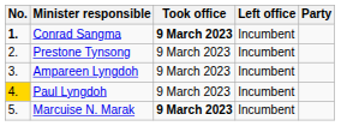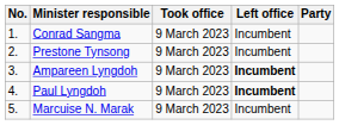 <table class="wikitable">
 <tr>
 <th>No.</th>
 <th>Minister responsible</th>
 <th>Took office</th>
 <th>Left office</th>
 <th colspan="2">Party</th>
 </tr>
 <tr>
-<td><strong>1.</strong></td>
+<td>1.</td>
 <td><a href='#'>Conrad Sangma</a></td>
-<td><strong>9 March 2023</strong></td>
+<td>9 March 2023</td>
 <td>Incumbent</td>
 <td></td>
 </tr>
 <tr>
 <td>2.</td>
 <td><a href='#'>Prestone Tynsong</a></td>
 <td>9 March 2023</td>
 <td>Incumbent</td>
 <td></td>
 </tr>
 <tr>
 <td>3.</td>
 <td><a href='#'>Ampareen Lyngdoh</a></td>
 <td>9 March 2023</td>
-<td>Incumbent</td>
+<td><strong>Incumbent</strong></td>
 <td></td>
 </tr>
 <tr>
-<td style="background: gold;">4.</td>
+<td>4.</td>
 <td><a href='#'>Paul Lyngdoh</a></td>
 <td>9 March 2023</td>
-<td>Incumbent</td>
+<td><strong>Incumbent</strong></td>
 <td></td>
 </tr>
 <tr>
 <td>5.</td>
 <td><a href='#'>Marcuise N. Marak</a></td>
-<td><strong>9 March 2023</strong></td>
+<td>9 March 2023</td>
 <td>Incumbent</td>
 <td></td>
 </tr>
 </table>
